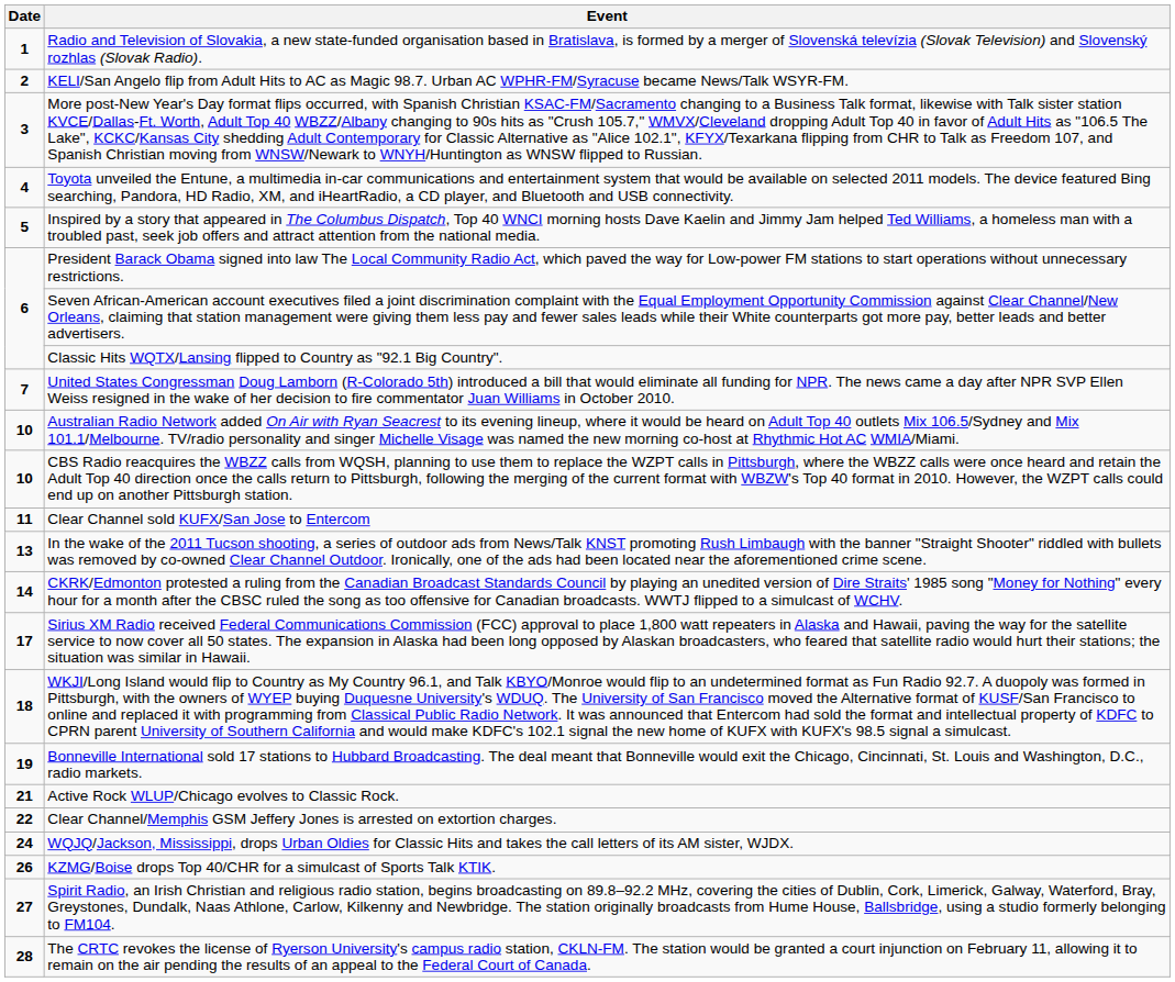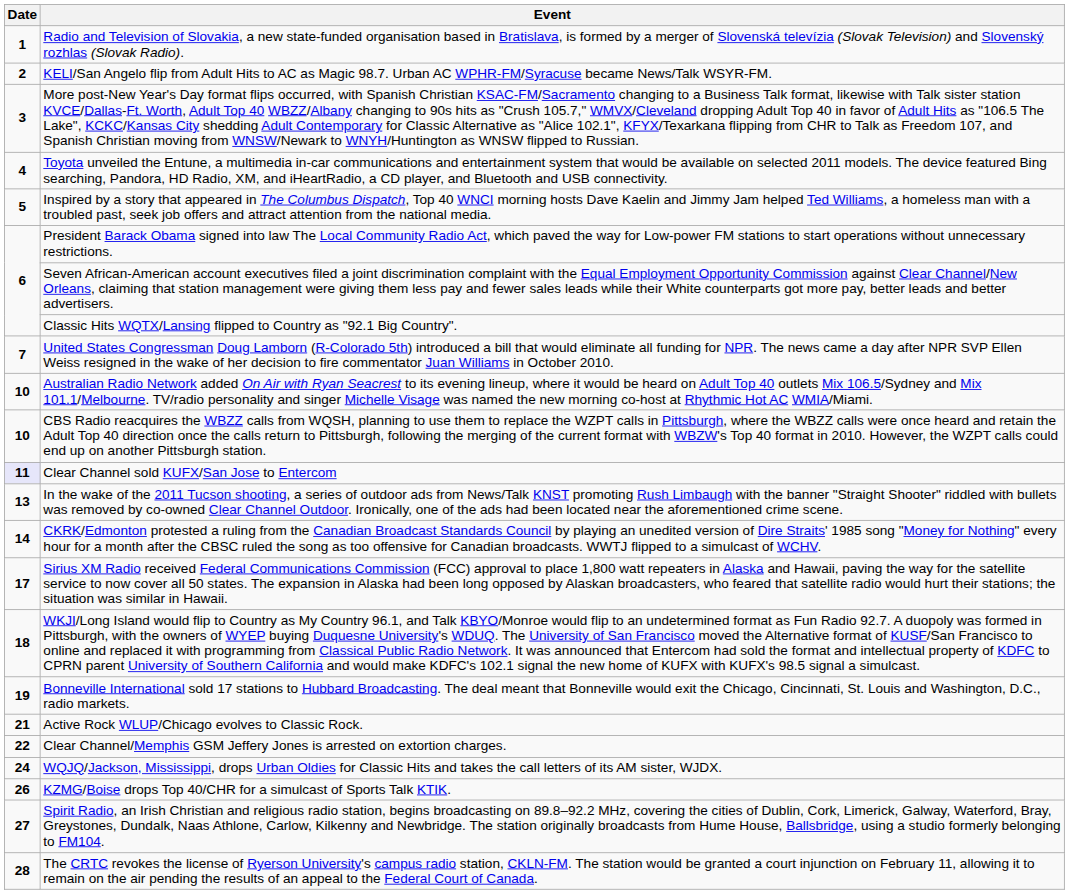 <table class="wikitable">
 <tr>
 <th>Date</th>
 <th>Event</th>
 </tr>
 <tr>
 <td style="text-align:center;" rowspan="1"><strong>1</strong></td>
 <td><a href='#'>Radio and Television of Slovakia</a>, a new state-funded organisation based in <a href='#'>Bratislava</a>, is formed by a merger of <a href='#'>Slovenská televízia</a> <em>(Slovak Television)</em> and <a href='#'>Slovenský rozhlas</a> <em>(Slovak Radio)</em>.</td>
 </tr>
 <tr>
 <td style="text-align:center;"><strong>2</strong></td>
 <td><a href='#'>KELI</a>/San Angelo flip from Adult Hits to AC as Magic 98.7. Urban AC <a href='#'>WPHR-FM</a>/<a href='#'>Syracuse</a> became News/Talk WSYR-FM.</td>
 </tr>
 <tr>
 <td style="text-align:center;"><strong>3</strong></td>
 <td>More post-New Year's Day format flips occurred, with Spanish Christian <a href='#'>KSAC-FM</a>/<a href='#'>Sacramento</a> changing to a Business Talk format, likewise with Talk sister station <a href='#'>KVCE</a>/<a href='#'>Dallas</a>-<a href='#'>Ft. Worth</a>, <a href='#'>Adult Top 40</a> <a href='#'>WBZZ</a>/<a href='#'>Albany</a> changing to 90s hits as "Crush 105.7," <a href='#'>WMVX</a>/<a href='#'>Cleveland</a> dropping Adult Top 40 in favor of <a href='#'>Adult Hits</a> as "106.5 The Lake", <a href='#'>KCKC</a>/<a href='#'>Kansas City</a> shedding <a href='#'>Adult Contemporary</a> for Classic Alternative as "Alice 102.1", <a href='#'>KFYX</a>/Texarkana flipping from CHR to Talk as Freedom 107, and Spanish Christian moving from <a href='#'>WNSW</a>/Newark to <a href='#'>WNYH</a>/Huntington as WNSW flipped to Russian.</td>
 </tr>
 <tr>
 <td style="text-align:center;"><strong>4</strong></td>
 <td><a href='#'>Toyota</a> unveiled the Entune, a multimedia in-car communications and entertainment system that would be available on selected 2011 models. The device featured Bing searching, Pandora, HD Radio, XM, and iHeartRadio, a CD player, and Bluetooth and USB connectivity.</td>
 </tr>
 <tr>
 <td style="text-align:center;"><strong>5</strong></td>
 <td>Inspired by a story that appeared in <em><a href='#'>The Columbus Dispatch</a></em>, Top 40 <a href='#'>WNCI</a> morning hosts Dave Kaelin and Jimmy Jam helped <a href='#'>Ted Williams</a>, a homeless man with a troubled past, seek job offers and attract attention from the national media.</td>
 </tr>
 <tr>
 <td style="text-align:center;" rowspan="3"><strong>6</strong></td>
 <td>President <a href='#'>Barack Obama</a> signed into law The <a href='#'>Local Community Radio Act</a>, which paved the way for Low-power FM stations to start operations without unnecessary restrictions.</td>
 </tr>
 <tr>
 <td>Seven African-American account executives filed a joint discrimination complaint with the <a href='#'>Equal Employment Opportunity Commission</a> against <a href='#'>Clear Channel</a>/<a href='#'>New Orleans</a>, claiming that station management were giving them less pay and fewer sales leads while their White counterparts got more pay, better leads and better advertisers.</td>
 </tr>
 <tr>
 <td>Classic Hits <a href='#'>WQTX</a>/<a href='#'>Lansing</a> flipped to Country as "92.1 Big Country".</td>
 </tr>
 <tr>
 <td style="text-align:center;"><strong>7</strong></td>
 <td><a href='#'>United States Congressman</a> <a href='#'>Doug Lamborn</a> (<a href='#'>R-Colorado 5th</a>) introduced a bill that would eliminate all funding for <a href='#'>NPR</a>. The news came a day after NPR SVP Ellen Weiss resigned in the wake of her decision to fire commentator <a href='#'>Juan Williams</a> in October 2010.</td>
 </tr>
 <tr>
 <td style="text-align:center;"><strong>10</strong></td>
 <td><a href='#'>Australian Radio Network</a> added <em><a href='#'>On Air with Ryan Seacrest</a></em> to its evening lineup, where it would be heard on <a href='#'>Adult Top 40</a> outlets <a href='#'>Mix 106.5</a>/Sydney and <a href='#'>Mix 101.1</a>/<a href='#'>Melbourne</a>. TV/radio personality and singer <a href='#'>Michelle Visage</a> was named the new morning co-host at <a href='#'>Rhythmic Hot AC</a> <a href='#'>WMIA</a>/Miami.</td>
 </tr>
 <tr>
 <td style="text-align:center;"><strong>10</strong></td>
 <td>CBS Radio reacquires the <a href='#'>WBZZ</a> calls from WQSH, planning to use them to replace the WZPT calls in <a href='#'>Pittsburgh</a>, where the WBZZ calls were once heard and retain the Adult Top 40 direction once the calls return to Pittsburgh, following the merging of the current format with <a href='#'>WBZW</a>'s Top 40 format in 2010. However, the WZPT calls could end up on another Pittsburgh station.</td>
 </tr>
 <tr>
-<td style="text-align:center;"><strong>11</strong></td>
+<td style="background: lavender; text-align:center;"><strong>11</strong></td>
 <td>Clear Channel sold <a href='#'>KUFX</a>/<a href='#'>San Jose</a> to <a href='#'>Entercom</a></td>
 </tr>
 <tr>
 <td style="text-align:center;"><strong>13</strong></td>
 <td>In the wake of the <a href='#'>2011 Tucson shooting</a>, a series of outdoor ads from News/Talk <a href='#'>KNST</a> promoting <a href='#'>Rush Limbaugh</a> with the banner "Straight Shooter" riddled with bullets was removed by co-owned <a href='#'>Clear Channel Outdoor</a>. Ironically, one of the ads had been located near the aforementioned crime scene.</td>
 </tr>
 <tr>
 <td style="text-align:center;"><strong>14</strong></td>
 <td><a href='#'>CKRK</a>/<a href='#'>Edmonton</a> protested a ruling from the <a href='#'>Canadian Broadcast Standards Council</a> by playing an unedited version of <a href='#'>Dire Straits</a>' 1985 song "<a href='#'>Money for Nothing</a>" every hour for a month after the CBSC ruled the song as too offensive for Canadian broadcasts. WWTJ flipped to a simulcast of <a href='#'>WCHV</a>.</td>
 </tr>
 <tr>
 <td style="text-align:center;"><strong>17</strong></td>
 <td><a href='#'>Sirius XM Radio</a> received <a href='#'>Federal Communications Commission</a> (FCC) approval to place 1,800 watt repeaters in <a href='#'>Alaska</a> and Hawaii, paving the way for the satellite service to now cover all 50 states. The expansion in Alaska had been long opposed by Alaskan broadcasters, who feared that satellite radio would hurt their stations; the situation was similar in Hawaii.</td>
 </tr>
 <tr>
 <td style="text-align:center;"><strong>18</strong></td>
 <td><a href='#'>WKJI</a>/Long Island would flip to Country as My Country 96.1, and Talk <a href='#'>KBYO</a>/Monroe would flip to an undetermined format as Fun Radio 92.7. A duopoly was formed in Pittsburgh, with the owners of <a href='#'>WYEP</a> buying <a href='#'>Duquesne University</a>'s <a href='#'>WDUQ</a>. The <a href='#'>University of San Francisco</a> moved the Alternative format of <a href='#'>KUSF</a>/San Francisco to online and replaced it with programming from <a href='#'>Classical Public Radio Network</a>. It was announced that Entercom had sold the format and intellectual property of <a href='#'>KDFC</a> to CPRN parent <a href='#'>University of Southern California</a> and would make KDFC's 102.1 signal the new home of KUFX with KUFX's 98.5 signal a simulcast.</td>
 </tr>
 <tr>
 <td style="text-align:center;"><strong>19</strong></td>
 <td><a href='#'>Bonneville International</a> sold 17 stations to <a href='#'>Hubbard Broadcasting</a>. The deal meant that Bonneville would exit the Chicago, Cincinnati, St. Louis and Washington, D.C., radio markets.</td>
 </tr>
 <tr>
 <td style="text-align:center;"><strong>21</strong></td>
 <td>Active Rock <a href='#'>WLUP</a>/Chicago evolves to Classic Rock.</td>
 </tr>
 <tr>
 <td style="text-align:center;"><strong>22</strong></td>
 <td>Clear Channel/<a href='#'>Memphis</a> GSM Jeffery Jones is arrested on extortion charges.</td>
 </tr>
 <tr>
 <td style="text-align:center;"><strong>24</strong></td>
 <td><a href='#'>WQJQ</a>/<a href='#'>Jackson, Mississippi</a>, drops <a href='#'>Urban Oldies</a> for Classic Hits and takes the call letters of its AM sister, WJDX.</td>
 </tr>
 <tr>
 <td style="text-align:center;"><strong>26</strong></td>
 <td><a href='#'>KZMG</a>/<a href='#'>Boise</a> drops Top 40/CHR for a simulcast of Sports Talk <a href='#'>KTIK</a>.</td>
 </tr>
 <tr>
 <td style="text-align:center;"><strong>27</strong></td>
 <td><a href='#'>Spirit Radio</a>, an Irish Christian and religious radio station, begins broadcasting on 89.8–92.2 MHz, covering the cities of Dublin, Cork, Limerick, Galway, Waterford, Bray, Greystones, Dundalk, Naas Athlone, Carlow, Kilkenny and Newbridge. The station originally broadcasts from Hume House, <a href='#'>Ballsbridge</a>, using a studio formerly belonging to <a href='#'>FM104</a>.</td>
 </tr>
 <tr>
 <td style="text-align:center;"><strong>28</strong></td>
 <td>The <a href='#'>CRTC</a> revokes the license of <a href='#'>Ryerson University</a>'s <a href='#'>campus radio</a> station, <a href='#'>CKLN-FM</a>. The station would be granted a court injunction on February 11, allowing it to remain on the air pending the results of an appeal to the <a href='#'>Federal Court of Canada</a>.</td>
 </tr>
 </table>
